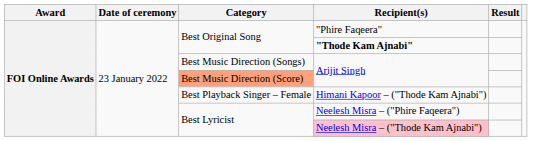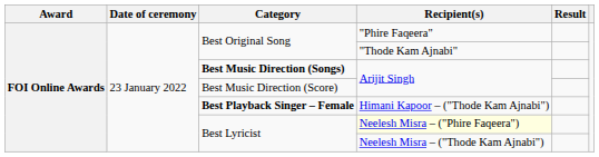 <table class="wikitable sortable plainrowheaders">
 <tr>
 <th scope="col">Award</th>
 <th scope="col">Date of ceremony</th>
 <th scope="col">Category</th>
 <th scope="col">Recipient(s)</th>
 <th scope="col">Result</th>
 <th class="unsortable" scope="col"></th>
 </tr>
 <tr>
 <th scope="row" rowspan="7">FOI Online Awards</th>
 <td rowspan="7">23 January 2022</td>
 <td rowspan="2">Best Original Song</td>
 <td>"Phire Faqeera"</td>
 <td></td>
 <td rowspan="7" style="text-align: center;"></td>
 </tr>
 <tr>
-<td><strong>"Thode Kam Ajnabi"</strong></td>
+<td>"Thode Kam Ajnabi"</td>
 <td></td>
 </tr>
 <tr>
-<td>Best Music Direction (Songs)</td>
+<td><strong>Best Music Direction (Songs)</strong></td>
 <td rowspan="2"><a href='#'>Arijit Singh</a></td>
 <td></td>
 </tr>
 <tr>
-<td style="background: lightsalmon;">Best Music Direction (Score)</td>
+<td>Best Music Direction (Score)</td>
 <td></td>
 </tr>
 <tr>
-<td>Best Playback Singer – Female</td>
+<td><strong>Best Playback Singer – Female</strong></td>
 <td><a href='#'>Himani Kapoor</a> – ("Thode Kam Ajnabi")</td>
 <td></td>
 </tr>
 <tr>
 <td rowspan="2">Best Lyricist</td>
-<td><a href='#'>Neelesh Misra</a> – ("Phire Faqeera")</td>
+<td style="background: lightyellow;"><a href='#'>Neelesh Misra</a> – ("Phire Faqeera")</td>
 <td></td>
 </tr>
 <tr>
-<td style="background: pink;"><a href='#'>Neelesh Misra</a> – ("Thode Kam Ajnabi")</td>
+<td><a href='#'>Neelesh Misra</a> – ("Thode Kam Ajnabi")</td>
 <td></td>
 </tr>
 </table>
